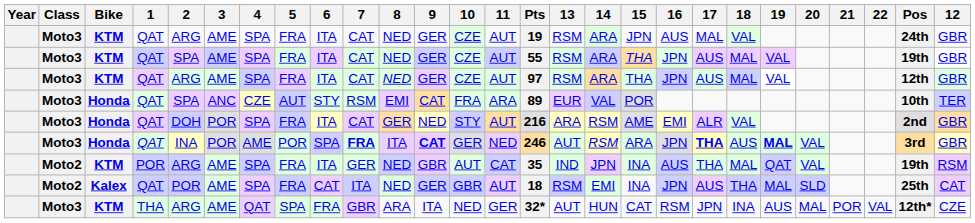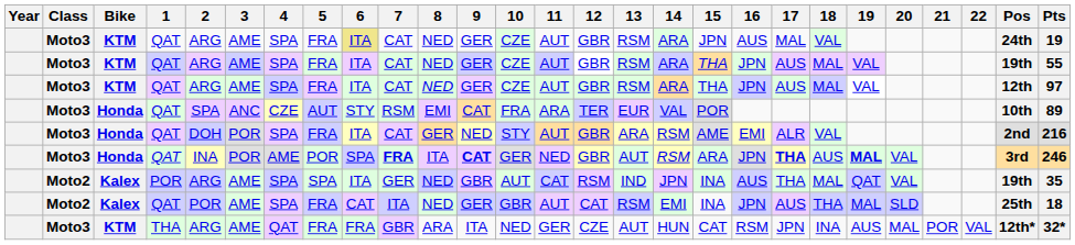 <table class="wikitable" style="text-align:center;">
 <tr>
 <th>Year</th>
 <th>Class</th>
 <th>Bike</th>
 <th>1</th>
 <th>2</th>
 <th>3</th>
 <th>4</th>
 <th>5</th>
 <th>6</th>
 <th>7</th>
 <th>8</th>
 <th>9</th>
 <th>10</th>
 <th>11</th>
-<th>Pts</th>
+<th>12</th>
 <th>13</th>
 <th>14</th>
 <th>15</th>
 <th>16</th>
 <th>17</th>
 <th>18</th>
 <th>19</th>
 <th>20</th>
 <th>21</th>
 <th>22</th>
 <th>Pos</th>
-<th>12</th>
+<th>Pts</th>
 </tr>
 <tr>
 <th></th>
 <th>Moto3</th>
 <th><a href='#'>KTM</a></th>
 <td><a href='#'>QAT</a></td>
 <td><a href='#'>ARG</a></td>
 <td><a href='#'>AME</a></td>
 <td><a href='#'>SPA</a></td>
 <td><a href='#'>FRA</a></td>
-<td><a href='#'>ITA</a></td>
+<td style="background: khaki;"><a href='#'>ITA</a></td>
 <td><a href='#'>CAT</a></td>
 <td><a href='#'>NED</a></td>
 <td><a href='#'>GER</a></td>
 <td style="background:#dfffdf;"><a href='#'>CZE</a><br></td>
 <td><a href='#'>AUT</a></td>
-<th>19</th>
+<td><a href='#'>GBR</a></td>
 <td><a href='#'>RSM</a></td>
 <td style="background:#dfffdf;"><a href='#'>ARA</a><br></td>
 <td><a href='#'>JPN</a></td>
 <td><a href='#'>AUS</a></td>
 <td><a href='#'>MAL</a></td>
 <td style="background:#dfffdf;"><a href='#'>VAL</a><br></td>
 <td></td>
 <td></td>
 <td></td>
 <td></td>
 <th>24th</th>
-<td><a href='#'>GBR</a></td>
+<th>19</th>
 </tr>
 <tr>
 <th></th>
 <th>Moto3</th>
 <th><a href='#'>KTM</a></th>
 <td style="background:#cfcfff;"><a href='#'>QAT</a><br></td>
-<td style="background:#efcfff;"><a href='#'>SPA</a><br></td>
+<td style="background:#efcfff;"><a href='#'>ARG</a><br></td>
 <td style="background:#cfcfff;"><a href='#'>AME</a><br></td>
 <td style="background:#efcfff;"><a href='#'>SPA</a><br></td>
 <td style="background:#dfffdf;"><a href='#'>FRA</a><br></td>
 <td style="background:#efcfff;"><a href='#'>ITA</a><br></td>
 <td style="background:#dfffdf;"><a href='#'>CAT</a><br></td>
 <td style="background:#DFFFDF;"><a href='#'>NED</a><br></td>
 <td style="background:#CFCFFF;"><a href='#'>GER</a><br></td>
 <td style="background:#DFFFDF;"><a href='#'>CZE</a><br></td>
 <td style="background:#CFCFFF;"><a href='#'>AUT</a><br></td>
-<th>55</th>
+<td style="background:#FFFFFF;"><a href='#'>GBR</a><br></td>
 <td style="background:#DFFFDF;"><a href='#'>RSM</a><br></td>
 <td style="background:#CFCFFF;"><a href='#'>ARA</a><br></td>
 <td style="background:#FFDF9F;"><em><a href='#'>THA</a></em><br></td>
 <td style="background:#DFFFDF;"><a href='#'>JPN</a><br></td>
 <td style="background:#EFCFFF;"><a href='#'>AUS</a><br></td>
 <td style="background:#EFCFFF;"><a href='#'>MAL</a><br></td>
 <td style="background:#EFCFFF;"><a href='#'>VAL</a><br></td>
 <td></td>
 <td></td>
 <td></td>
 <th>19th</th>
-<td style="background:#FFFFFF;"><a href='#'>GBR</a><br></td>
+<th>55</th>
 </tr>
 <tr>
 <th></th>
 <th>Moto3</th>
 <th><a href='#'>KTM</a></th>
 <td style="background:#efcfff;"><a href='#'>QAT</a><br></td>
 <td style="background:#dfffdf;"><a href='#'>ARG</a><br></td>
 <td style="background:#dfffdf;"><a href='#'>AME</a><br></td>
 <td style="background:#cfcfff;"><a href='#'>SPA</a><br></td>
 <td style="background:#efcfff;"><a href='#'>FRA</a><br></td>
 <td style="background:#dfffdf;"><a href='#'>ITA</a><br></td>
 <td style="background:#dfffdf;"><a href='#'>CAT</a><br></td>
 <td style="background:#dfffdf;"><em><a href='#'>NED</a></em><br></td>
 <td style="background:#efcfff;"><a href='#'>GER</a><br></td>
 <td style="background:#dfffdf;"><a href='#'>CZE</a><br></td>
 <td style="background:#dfffdf;"><a href='#'>AUT</a><br></td>
-<th>97</th>
+<td style="background:#dfffdf;"><a href='#'>GBR</a><br></td>
 <td style="background:#dfffdf;"><a href='#'>RSM</a><br></td>
 <td style="background:#ffdf9f;"><a href='#'>ARA</a><br></td>
 <td style="background:#dfffdf;"><a href='#'>THA</a><br></td>
 <td style="background:#cfcfff;"><a href='#'>JPN</a><br></td>
 <td style="background:#dfffdf;"><a href='#'>AUS</a><br></td>
 <td style="background:#cfcfff;"><a href='#'>MAL</a><br></td>
 <td style="background:#ffffff;"><a href='#'>VAL</a><br></td>
 <td></td>
 <td></td>
 <td></td>
 <th>12th</th>
-<td style="background:#dfffdf;"><a href='#'>GBR</a><br></td>
+<th>97</th>
 </tr>
 <tr>
 <th></th>
 <th>Moto3</th>
 <th><a href='#'>Honda</a></th>
 <td style="background:#dfffdf;"><a href='#'>QAT</a><br></td>
 <td style="background:#efcfff;"><a href='#'>SPA</a><br></td>
 <td style="background:#efcfff;"><a href='#'>ANC</a><br></td>
 <td style="background:#ffffbf;"><a href='#'>CZE</a><br></td>
 <td style="background:#cfcfff;"><a href='#'>AUT</a><br></td>
 <td style="background:#dfffdf;"><a href='#'>STY</a><br></td>
 <td style="background:#dfffdf;"><a href='#'>RSM</a><br></td>
 <td style="background:#efcfff;"><a href='#'>EMI</a><br></td>
 <td style="background:#ffdf9f;"><a href='#'>CAT</a><br></td>
 <td style="background:#dfffdf;"><a href='#'>FRA</a><br></td>
 <td style="background:#dfffdf;"><a href='#'>ARA</a><br></td>
-<th>89</th>
+<td style="background:#cfcfff;"><a href='#'>TER</a><br></td>
 <td style="background:#efcfff;"><a href='#'>EUR</a><br></td>
 <td style="background:#cfcfff;"><a href='#'>VAL</a><br></td>
 <td style="background:#dfdfdf;"><a href='#'>POR</a><br></td>
 <td></td>
 <td></td>
 <td></td>
 <td></td>
 <td></td>
 <td></td>
 <td></td>
 <th>10th</th>
-<td style="background:#cfcfff;"><a href='#'>TER</a><br></td>
+<th>89</th>
 </tr>
 <tr>
 <th></th>
 <th>Moto3</th>
 <th><a href='#'>Honda</a></th>
 <td style="background:#efcfff;"><a href='#'>QAT</a><br></td>
 <td style="background:#cfcfff;"><a href='#'>DOH</a><br></td>
 <td style="background:#dfdfdf;"><a href='#'>POR</a><br></td>
 <td style="background:#efcfff;"><a href='#'>SPA</a><br></td>
 <td style="background:#cfcfff;"><a href='#'>FRA</a><br></td>
 <td style="background:#ffffbf;"><a href='#'>ITA</a><br></td>
 <td style="background:#efcfff;"><a href='#'>CAT</a><br></td>
 <td style="background:#ffdf9f;"><a href='#'>GER</a><br></td>
 <td style="background:#ffffbf;"><a href='#'>NED</a><br></td>
 <td style="background:#cfcfff;"><a href='#'>STY</a><br></td>
 <td style="background:#ffdf9f;"><a href='#'>AUT</a><br></td>
-<th style="background:#dfdfdf;">216</th>
+<td style="background:#ffdf9f;"><a href='#'>GBR</a><br></td>
 <td style="background:#ffffbf;"><a href='#'>ARA</a><br></td>
 <td style="background:#ffffbf;"><a href='#'>RSM</a><br></td>
 <td style="background:#dfdfdf;"><a href='#'>AME</a><br></td>
 <td style="background:#ffffbf;"><a href='#'>EMI</a><br></td>
 <td style="background:#efcfff;"><a href='#'>ALR</a><br></td>
 <td style="background:#dfffdf;"><a href='#'>VAL</a><br></td>
 <td></td>
 <td></td>
 <td></td>
 <td></td>
 <th style="background:#dfdfdf;">2nd</th>
-<td style="background:#ffdf9f;"><a href='#'>GBR</a><br></td>
+<th style="background:#dfdfdf;">216</th>
 </tr>
 <tr>
 <th></th>
 <th>Moto3</th>
 <th><a href='#'>Honda</a></th>
 <td style="background:#dfffdf;"><em><a href='#'>QAT</a></em><br></td>
 <td style="background:#ffffbf;"><a href='#'>INA</a><br></td>
 <td style="background:#dfdfdf;"><a href='#'>POR</a><br></td>
 <td style="background:#dfdfdf;"><a href='#'>AME</a><br></td>
 <td style="background:#dfffdf;"><a href='#'>POR</a><br></td>
 <td style="background:#cfcfff;"><a href='#'>SPA</a><br></td>
 <td style="background:#dfffdf;"><strong><a href='#'>FRA</a></strong><br></td>
 <td style="background:#efcfff;"><a href='#'>ITA</a><br></td>
 <td style="background:#efcfff;"><strong><a href='#'>CAT</a></strong><br></td>
 <td style="background:#dfdfdf;"><a href='#'>GER</a><br></td>
 <td style="background:#efcfff;"><a href='#'>NED</a><br></td>
-<th style="background:#ffdf9f;">246</th>
+<td style="background:#ffffbf;"><a href='#'>GBR</a><br></td>
 <td style="background:#dfffdf;"><a href='#'>AUT</a><br></td>
 <td style="background:#ffffbf;"><em><a href='#'>RSM</a></em><br></td>
 <td style="background:#dfffdf;"><a href='#'>ARA</a><br></td>
 <td style="background:#dfdfdf;"><a href='#'>JPN</a><br></td>
 <td style="background:#ffffbf;"><strong><a href='#'>THA</a></strong><br></td>
 <td style="background:#dfffdf;"><a href='#'>AUS</a><br></td>
 <td style="background:#dfffdf;"><strong><a href='#'>MAL</a></strong><br></td>
 <td style="background:#dfffdf;"><a href='#'>VAL</a><br></td>
 <td></td>
 <td></td>
 <th style="background:#ffdf9f;">3rd</th>
-<td style="background:#ffffbf;"><a href='#'>GBR</a><br></td>
+<th style="background:#ffdf9f;">246</th>
 </tr>
 <tr>
 <th></th>
 <th>Moto2</th>
-<th><a href='#'>KTM</a></th>
+<th><a href='#'>Kalex</a></th>
 <td style="background:#cfcfff;"><a href='#'>POR</a><br></td>
 <td style="background:#cfcfff;"><a href='#'>ARG</a><br></td>
 <td style="background:#dfffdf;"><a href='#'>AME</a><br></td>
 <td style="background:#cfcfff;"><a href='#'>SPA</a><br></td>
-<td style="background:#dfffdf;"><a href='#'>FRA</a><br></td>
+<td style="background:#DFFFDF;"><a href='#'>SPA</a><br></td>
 <td style="background:#dfffdf;"><a href='#'>ITA</a><br></td>
 <td style="background:#dfffdf;"><a href='#'>GER</a><br></td>
 <td style="background:#cfcfff;"><a href='#'>NED</a><br></td>
 <td style="background:#efcfff;"><a href='#'>GBR</a><br></td>
 <td style="background:#dfffdf;"><a href='#'>AUT</a><br></td>
 <td style="background:#cfcfff;"><a href='#'>CAT</a><br></td>
-<th>35</th>
+<td style="background:#efcfff;"><a href='#'>RSM</a><br></td>
 <td style="background:#dfffdf;"><a href='#'>IND</a><br></td>
 <td style="background:#efcfff;"><a href='#'>JPN</a><br></td>
 <td style="background:#dfffdf;"><a href='#'>INA</a><br></td>
 <td style="background:#cfcfff;"><a href='#'>AUS</a><br></td>
 <td style="background:#dfffdf;"><a href='#'>THA</a><br></td>
 <td style="background:#dfffdf;"><a href='#'>MAL</a><br></td>
 <td style="background:#cfcfff;"><a href='#'>QAT</a><br></td>
 <td style="background:#dfffdf;"><a href='#'>VAL</a><br></td>
 <td></td>
 <td></td>
 <th>19th</th>
-<td style="background:#efcfff;"><a href='#'>RSM</a><br></td>
+<th>35</th>
 </tr>
 <tr>
 <th></th>
 <th>Moto2</th>
 <th><a href='#'>Kalex</a></th>
 <td style="background:#cfcfff;"><a href='#'>QAT</a><br></td>
 <td style="background:#cfcfff;"><a href='#'>POR</a><br></td>
 <td style="background:#dfffdf;"><a href='#'>AME</a><br></td>
 <td style="background:#efcfff;"><a href='#'>SPA</a><br></td>
 <td style="background:#cfcfff;"><a href='#'>FRA</a><br></td>
 <td style="background:#efcfff;"><a href='#'>CAT</a><br></td>
 <td style="background:#cfcfff;"><a href='#'>ITA</a><br></td>
 <td style="background:#dfffdf;"><a href='#'>NED</a><br></td>
 <td style="background:#cfcfff;"><a href='#'>GER</a><br></td>
 <td style="background:#cfcfff;"><a href='#'>GBR</a><br></td>
 <td style="background:#efcfff;"><a href='#'>AUT</a><br></td>
-<th>18</th>
+<td style="background:#efcfff;"><a href='#'>CAT</a><br></td>
 <td style="background:#cfcfff;"><a href='#'>RSM</a><br></td>
 <td style="background:#dfffdf;"><a href='#'>EMI</a><br></td>
 <td><a href='#'>INA</a></td>
 <td style="background:#cfcfff;"><a href='#'>JPN</a><br></td>
 <td style="background:#efcfff;"><a href='#'>AUS</a><br></td>
 <td style="background:#cfcfff;"><a href='#'>THA</a><br></td>
 <td style="background:#cfcfff;"><a href='#'>MAL</a><br></td>
 <td style="background:#cfcfff;"><a href='#'>SLD</a><br></td>
 <td></td>
 <td></td>
 <th>25th</th>
-<td style="background:#efcfff;"><a href='#'>CAT</a><br></td>
+<th>18</th>
 </tr>
 <tr>
 <th></th>
 <th>Moto3</th>
 <th><a href='#'>KTM</a></th>
 <td style="background:#DFFFDF;"><a href='#'>THA</a><br></td>
 <td style="background:#DFFFDF;"><a href='#'>ARG</a><br></td>
 <td style="background:#DFFFDF;"><a href='#'>AME</a><br></td>
 <td style="background:#EFCFFF;"><a href='#'>QAT</a><br></td>
-<td style="background:#DFFFDF;"><a href='#'>SPA</a><br></td>
+<td style="background:#dfffdf;"><a href='#'>FRA</a><br></td>
 <td style="background:#DFFFDF;"><a href='#'>FRA</a><br></td>
 <td style="background:#EFCFFF;"><a href='#'>GBR</a><br></td>
 <td style="background:#;"><a href='#'>ARA</a><br></td>
 <td style="background:#;"><a href='#'>ITA</a><br></td>
 <td style="background:#;"><a href='#'>NED</a><br></td>
 <td style="background:#;"><a href='#'>GER</a><br></td>
-<th>32*</th>
+<td style="background:#;"><a href='#'>CZE</a><br></td>
 <td style="background:#;"><a href='#'>AUT</a><br></td>
 <td style="background:#;"><a href='#'>HUN</a><br></td>
 <td style="background:#;"><a href='#'>CAT</a><br></td>
 <td style="background:#;"><a href='#'>RSM</a><br></td>
 <td style="background:#;"><a href='#'>JPN</a><br></td>
 <td style="background:#;"><a href='#'>INA</a><br></td>
 <td style="background:#;"><a href='#'>AUS</a><br></td>
 <td style="background:#;"><a href='#'>MAL</a><br></td>
 <td style="background:#;"><a href='#'>POR</a><br></td>
 <td style="background:#;"><a href='#'>VAL</a><br></td>
 <th>12th*</th>
-<td style="background:#;"><a href='#'>CZE</a><br></td>
+<th>32*</th>
 </tr>
 </table>
